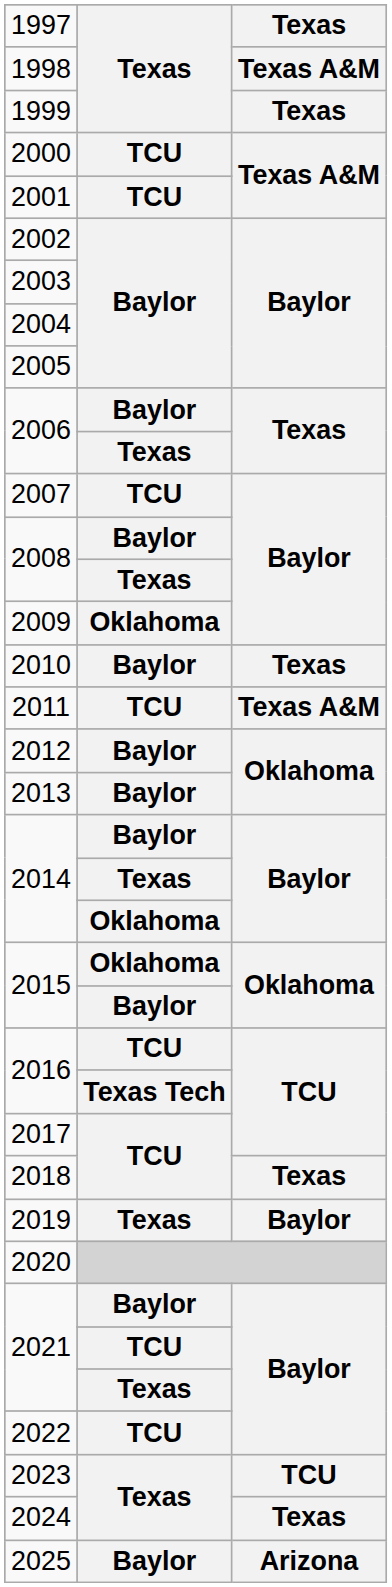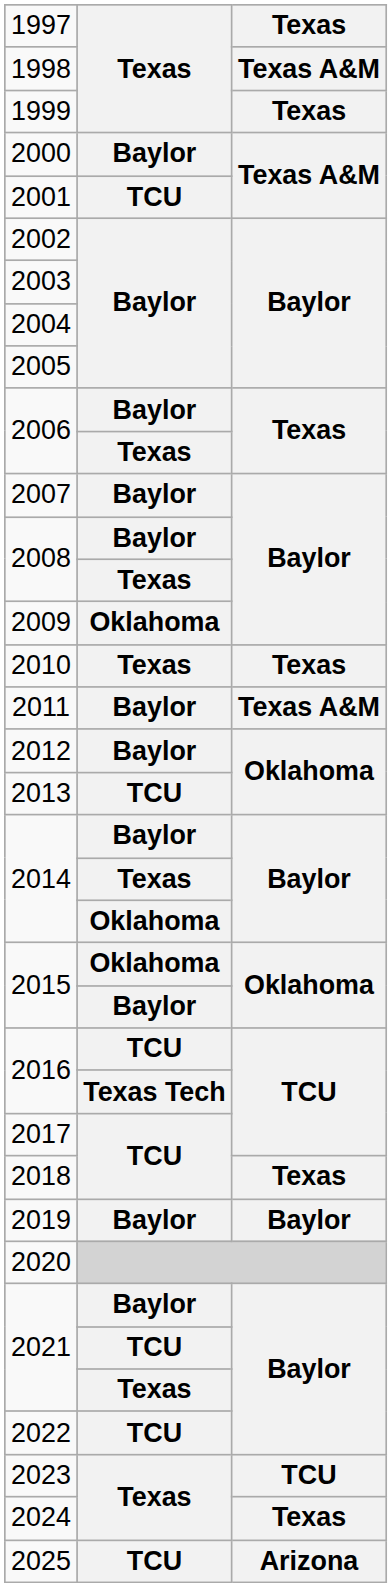 <table class="wikitable" style="text-align: center;">
 <tr>
 <td>1997</td>
 <th rowspan="3">Texas</th>
 <th>Texas</th>
 </tr>
 <tr>
 <td>1998</td>
 <th>Texas A&M</th>
 </tr>
 <tr>
 <td>1999</td>
 <th>Texas</th>
 </tr>
 <tr>
 <td>2000</td>
-<th>TCU</th>
+<th>Baylor</th>
 <th rowspan="2">Texas A&M</th>
 </tr>
 <tr>
 <td>2001</td>
 <th>TCU</th>
 </tr>
 <tr>
 <td>2002</td>
 <th rowspan="4">Baylor</th>
 <th rowspan="4">Baylor</th>
 </tr>
 <tr>
 <td>2003</td>
 </tr>
 <tr>
 <td>2004</td>
 </tr>
 <tr>
 <td>2005</td>
 </tr>
 <tr>
 <td rowspan="2">2006</td>
 <th>Baylor</th>
 <th rowspan="2">Texas</th>
 </tr>
 <tr>
 <th>Texas</th>
 </tr>
 <tr>
 <td>2007</td>
-<th>TCU</th>
+<th>Baylor</th>
 <th rowspan="4">Baylor</th>
 </tr>
 <tr>
 <td rowspan="2">2008</td>
 <th>Baylor</th>
 </tr>
 <tr>
 <th>Texas</th>
 </tr>
 <tr>
 <td>2009</td>
 <th>Oklahoma</th>
 </tr>
 <tr>
 <td>2010</td>
-<th>Baylor</th>
+<th>Texas</th>
 <th>Texas</th>
 </tr>
 <tr>
 <td>2011</td>
-<th>TCU</th>
+<th>Baylor</th>
 <th>Texas A&M</th>
 </tr>
 <tr>
 <td>2012</td>
 <th>Baylor</th>
 <th rowspan="2">Oklahoma</th>
 </tr>
 <tr>
 <td>2013</td>
-<th>Baylor</th>
+<th>TCU</th>
 </tr>
 <tr>
 <td rowspan="3">2014</td>
 <th>Baylor</th>
 <th rowspan="3">Baylor</th>
 </tr>
 <tr>
 <th>Texas</th>
 </tr>
 <tr>
 <th>Oklahoma</th>
 </tr>
 <tr>
 <td rowspan="2">2015</td>
 <th>Oklahoma</th>
 <th rowspan="2">Oklahoma</th>
 </tr>
 <tr>
 <th>Baylor</th>
 </tr>
 <tr>
 <td rowspan="2">2016</td>
 <th>TCU</th>
 <th rowspan="3">TCU</th>
 </tr>
 <tr>
 <th>Texas Tech</th>
 </tr>
 <tr>
 <td>2017</td>
 <th rowspan="2">TCU</th>
 </tr>
 <tr>
 <td>2018</td>
 <th>Texas</th>
 </tr>
 <tr>
 <td>2019</td>
-<th>Texas</th>
+<th>Baylor</th>
 <th>Baylor</th>
 </tr>
 <tr>
 <td>2020</td>
 <td colspan="2" bgcolor="#d3d3d3"></td>
 </tr>
 <tr>
 <td rowspan="3">2021</td>
 <th>Baylor</th>
 <th rowspan="4">Baylor</th>
 </tr>
 <tr>
 <th>TCU</th>
 </tr>
 <tr>
 <th>Texas</th>
 </tr>
 <tr>
 <td>2022</td>
 <th>TCU</th>
 </tr>
 <tr>
 <td>2023</td>
 <th rowspan="2">Texas</th>
 <th>TCU</th>
 </tr>
 <tr>
 <td>2024</td>
 <th>Texas</th>
 </tr>
 <tr>
 <td>2025</td>
-<th>Baylor</th>
+<th>TCU</th>
 <th>Arizona</th>
 </tr>
 </table>
